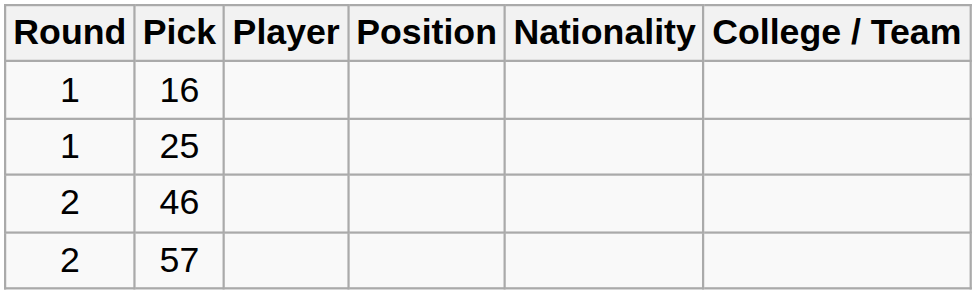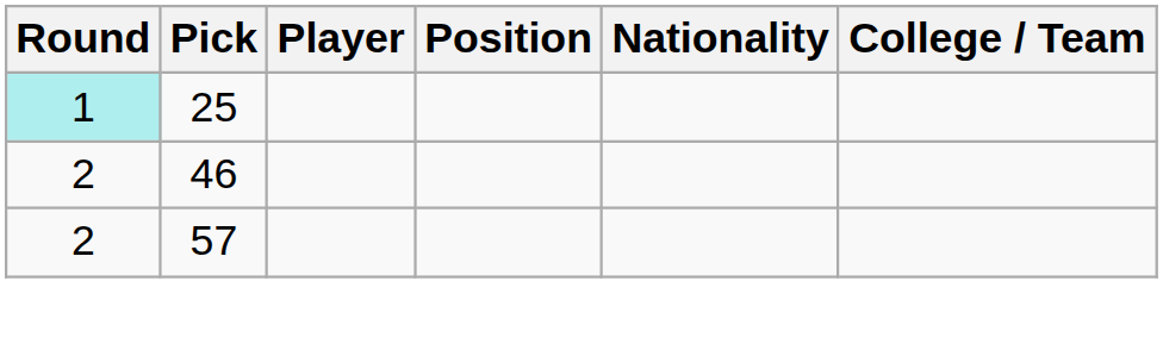 <table class="wikitable sortable sortable">
 <tr>
 <th>Round</th>
 <th>Pick</th>
 <th>Player</th>
 <th>Position</th>
 <th>Nationality</th>
 <th>College / Team</th>
 </tr>
 <tr style="text-align: center">
-<td>1</td>
-<td>16</td>
-<td></td>
-<td></td>
-<td></td>
-<td></td>
-</tr>
-<tr style="text-align: center">
-<td>1</td>
+<td style="background: paleturquoise;">1</td>
 <td>25</td>
 <td></td>
 <td></td>
 <td></td>
 <td></td>
 </tr>
 <tr style="text-align: center">
 <td>2</td>
 <td>46</td>
 <td></td>
 <td></td>
 <td></td>
 <td></td>
 </tr>
 <tr style="text-align: center">
 <td>2</td>
 <td>57</td>
 <td></td>
 <td></td>
 <td></td>
 <td></td>
 </tr>
 </table>
